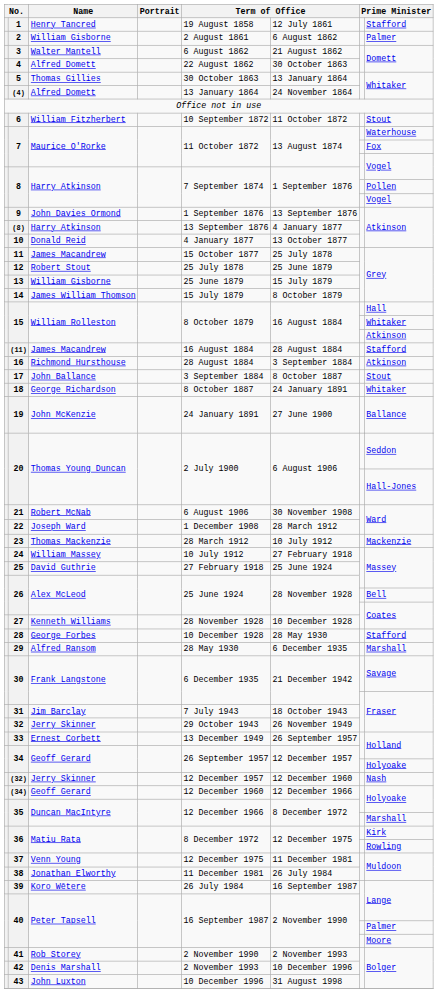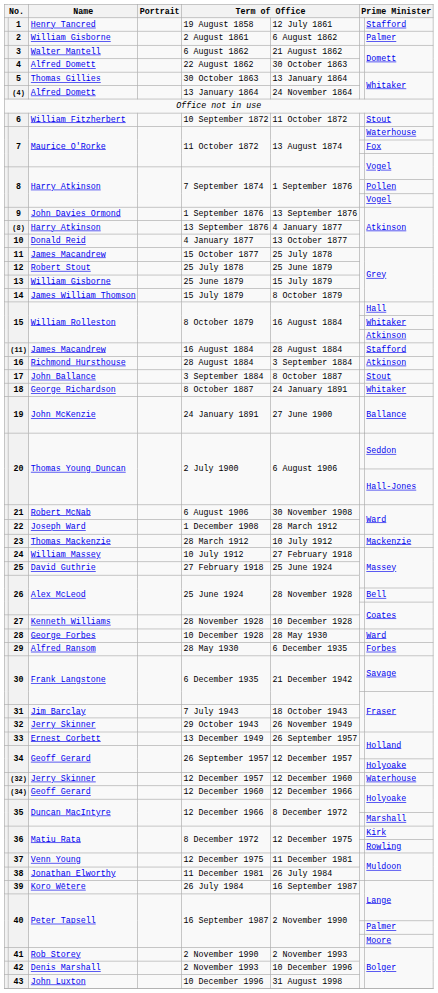 <table class="wikitable">
 <tr>
 <th colspan=2>No.</th>
 <th>Name</th>
 <th>Portrait</th>
 <th colspan=2>Term of Office</th>
 <th colspan=2>Prime Minister</th>
 </tr>
 <tr>
 <th style="color:inherit;background:"></th>
 <th>1</th>
 <td><a href='#'>Henry Tancred</a></td>
 <td></td>
 <td>19 August 1858</td>
 <td>12 July 1861</td>
 <td style="color:inherit;background:"></td>
 <td><a href='#'>Stafford</a></td>
 </tr>
 <tr>
 <th style="color:inherit;background:"></th>
 <th>2</th>
 <td><a href='#'>William Gisborne</a></td>
 <td></td>
 <td>2 August 1861</td>
 <td>6 August 1862</td>
 <td style="color:inherit;background:"></td>
 <td><a href='#'>Palmer</a></td>
 </tr>
 <tr>
 <th style="color:inherit;background:"></th>
 <th>3</th>
 <td><a href='#'>Walter Mantell</a></td>
 <td></td>
 <td>6 August 1862</td>
 <td>21 August 1862</td>
 <td rowspan=2 style="color:inherit;background:"></td>
 <td rowspan=2><a href='#'>Domett</a></td>
 </tr>
 <tr>
 <th style="color:inherit;background:"></th>
 <th>4</th>
 <td><a href='#'>Alfred Domett</a></td>
 <td></td>
 <td>22 August 1862</td>
 <td>30 October 1863</td>
 </tr>
 <tr>
 <th style="color:inherit;background:"></th>
 <th>5</th>
 <td><a href='#'>Thomas Gillies</a></td>
 <td></td>
 <td>30 October 1863</td>
 <td>13 January 1864</td>
 <td rowspan=2 style="color:inherit;background:"></td>
 <td rowspan=2><a href='#'>Whitaker</a></td>
 </tr>
 <tr>
 <th style="color:inherit;background:"></th>
 <th><small>(4)</small></th>
 <td><a href='#'>Alfred Domett</a></td>
 <td></td>
 <td>13 January 1864</td>
 <td>24 November 1864</td>
 </tr>
 <tr>
 <td colspan="8" style="text-align:center;"><em>Office not in use</em></td>
 </tr>
 <tr>
 <th style="color:inherit;background:"></th>
 <th>6</th>
 <td><a href='#'>William Fitzherbert</a></td>
 <td></td>
 <td>10 September 1872</td>
 <td>11 October 1872</td>
 <td style="color:inherit;background:"></td>
 <td><a href='#'>Stout</a></td>
 </tr>
 <tr>
 <th rowspan=2 height=15 style="border-bottom:solid 0 grey; background:"></th>
 <th rowspan=3>7</th>
 <td rowspan=3><a href='#'>Maurice O'Rorke</a></td>
 <td rowspan=3></td>
 <td rowspan=3>11 October 1872</td>
 <td rowspan=3>13 August 1874</td>
 <td style="color:inherit;background:"></td>
 <td><a href='#'>Waterhouse</a></td>
 </tr>
 <tr>
 <td style="color:inherit;background:"></td>
 <td><a href='#'>Fox</a></td>
 </tr>
 <tr>
 <th height=15 style="border-top:solid 0 grey; background:"></th>
 <td rowspan=2 style="border-bottom:solid 0 grey; background:"></td>
 <td rowspan=2><a href='#'>Vogel</a></td>
 </tr>
 <tr>
 <th height=15 style="border-bottom:solid 0 grey; background:"></th>
 <th rowspan=3>8</th>
 <td rowspan=3><a href='#'>Harry Atkinson</a></td>
 <td rowspan=3></td>
 <td rowspan=3>7 September 1874</td>
 <td rowspan=3>1 September 1876</td>
 </tr>
 <tr>
 <th rowspan=2 style="border-top:solid 0 grey; background:"></th>
 <td style="color:inherit;background:"></td>
 <td><a href='#'>Pollen</a></td>
 </tr>
 <tr>
 <td style="color:inherit;background:"></td>
 <td><a href='#'>Vogel</a></td>
 </tr>
 <tr>
 <th style="color:inherit;background:"></th>
 <th>9</th>
 <td><a href='#'>John Davies Ormond</a></td>
 <td></td>
 <td>1 September 1876</td>
 <td>13 September 1876</td>
 <td rowspan=3 style="color:inherit;background:"></td>
 <td rowspan=3><a href='#'>Atkinson</a></td>
 </tr>
 <tr>
 <th style="color:inherit;background:"></th>
 <th><small>(8)</small></th>
 <td><a href='#'>Harry Atkinson</a></td>
 <td></td>
 <td>13 September 1876</td>
 <td>4 January 1877</td>
 </tr>
 <tr>
 <th style="color:inherit;background:"></th>
 <th>10</th>
 <td><a href='#'>Donald Reid</a></td>
 <td></td>
 <td>4 January 1877</td>
 <td>13 October 1877</td>
 </tr>
 <tr>
 <th style="color:inherit;background:"></th>
 <th>11</th>
 <td><a href='#'>James Macandrew</a></td>
 <td></td>
 <td>15 October 1877</td>
 <td>25 July 1878</td>
 <td rowspan=4 style="color:inherit;background:"></td>
 <td rowspan=4><a href='#'>Grey</a></td>
 </tr>
 <tr>
 <th style="color:inherit;background:"></th>
 <th>12</th>
 <td><a href='#'>Robert Stout</a></td>
 <td></td>
 <td>25 July 1878</td>
 <td>25 June 1879</td>
 </tr>
 <tr>
 <th style="color:inherit;background:"></th>
 <th>13</th>
 <td><a href='#'>William Gisborne</a></td>
 <td></td>
 <td>25 June 1879</td>
 <td>15 July 1879</td>
 </tr>
 <tr>
 <th style="color:inherit;background:"></th>
 <th>14</th>
 <td><a href='#'>James William Thomson</a></td>
 <td></td>
 <td>15 July 1879</td>
 <td>8 October 1879</td>
 </tr>
 <tr>
 <th rowspan=3 style="border-bottom:solid 0 grey; background:"></th>
 <th rowspan=3>15</th>
 <td rowspan=3><a href='#'>William Rolleston</a></td>
 <td rowspan=3></td>
 <td rowspan=3>8 October 1879</td>
 <td rowspan=3>16 August 1884</td>
 <td style="color:inherit;background:"></td>
 <td><a href='#'>Hall</a></td>
 </tr>
 <tr>
 <td style="color:inherit;background:"></td>
 <td><a href='#'>Whitaker</a></td>
 </tr>
 <tr>
 <td style="color:inherit;background:"></td>
 <td><a href='#'>Atkinson</a></td>
 </tr>
 <tr>
 <th style="color:inherit;background:"></th>
 <th><small>(11)</small></th>
 <td><a href='#'>James Macandrew</a></td>
 <td></td>
 <td>16 August 1884</td>
 <td>28 August 1884</td>
 <td style="color:inherit;background:"></td>
 <td><a href='#'>Stafford</a></td>
 </tr>
 <tr>
 <th style="color:inherit;background:"></th>
 <th>16</th>
 <td><a href='#'>Richmond Hursthouse</a></td>
 <td></td>
 <td>28 August 1884</td>
 <td>3 September 1884</td>
 <td style="color:inherit;background:"></td>
 <td><a href='#'>Atkinson</a></td>
 </tr>
 <tr>
 <th style="color:inherit;background:"></th>
 <th>17</th>
 <td><a href='#'>John Ballance</a></td>
 <td></td>
 <td>3 September 1884</td>
 <td>8 October 1887</td>
 <td style="color:inherit;background:"></td>
 <td><a href='#'>Stout</a></td>
 </tr>
 <tr>
 <th style="color:inherit;background:"></th>
 <th>18</th>
 <td><a href='#'>George Richardson</a></td>
 <td></td>
 <td>8 October 1887</td>
 <td>24 January 1891</td>
 <td style="color:inherit;background:"></td>
 <td><a href='#'>Whitaker</a></td>
 </tr>
 <tr>
 <th rowspan=2 style="color:inherit;background:"></th>
 <th rowspan=2>19</th>
 <td rowspan=2><a href='#'>John McKenzie</a></td>
 <td rowspan=2></td>
 <td rowspan=2>24 January 1891</td>
 <td rowspan=2>27 June 1900</td>
 <td height=50 style="color:inherit;background:"></td>
 <td><a href='#'>Ballance</a></td>
 </tr>
 <tr>
 <td rowspan=2 height=50 style="color:inherit;background:"></td>
 <td rowspan=2><a href='#'>Seddon</a></td>
 </tr>
 <tr>
 <th rowspan=2 style="color:inherit;background:"></th>
 <th rowspan=2>20</th>
 <td rowspan=2><a href='#'>Thomas Young Duncan</a></td>
 <td rowspan=2></td>
 <td rowspan=2>2 July 1900</td>
 <td rowspan=2>6 August 1906</td>
 </tr>
 <tr>
 <td height=50 style="color:inherit;background:"></td>
 <td><a href='#'>Hall-Jones</a></td>
 </tr>
 <tr>
 <th style="color:inherit;background:"></th>
 <th>21</th>
 <td><a href='#'>Robert McNab</a></td>
 <td></td>
 <td>6 August 1906</td>
 <td>30 November 1908</td>
 <td rowspan=2 height=40 style="color:inherit;background:"></td>
 <td rowspan=2><a href='#'>Ward</a></td>
 </tr>
 <tr>
 <th style="color:inherit;background:"></th>
 <th>22</th>
 <td><a href='#'>Joseph Ward</a></td>
 <td></td>
 <td>1 December 1908</td>
 <td>28 March 1912</td>
 </tr>
 <tr>
 <th style="color:inherit;background:"></th>
 <th>23</th>
 <td><a href='#'>Thomas Mackenzie</a></td>
 <td></td>
 <td>28 March 1912</td>
 <td>10 July 1912</td>
 <td height=15 style="color:inherit;background:"></td>
 <td><a href='#'>Mackenzie</a></td>
 </tr>
 <tr>
 <th style="color:inherit;background:"></th>
 <th>24</th>
 <td><a href='#'>William Massey</a></td>
 <td></td>
 <td>10 July 1912</td>
 <td>27 February 1918</td>
 <td rowspan=2 style="border-bottom:solid 0 grey; background:"></td>
 <td rowspan=3><a href='#'>Massey</a></td>
 </tr>
 <tr>
 <th style="color:inherit;background:"></th>
 <th>25</th>
 <td><a href='#'>David Guthrie</a></td>
 <td></td>
 <td>27 February 1918</td>
 <td>25 June 1924</td>
 </tr>
 <tr>
 <th rowspan=3 style="color:inherit;background:"></th>
 <th rowspan=3>26</th>
 <td rowspan=3><a href='#'>Alex McLeod</a></td>
 <td rowspan=3></td>
 <td rowspan=3>25 June 1924</td>
 <td rowspan=3>28 November 1928</td>
 <td height=15 style="border-top:solid 0 grey; background:"></td>
 </tr>
 <tr>
 <td height=15 style="color:inherit;background:"></td>
 <td><a href='#'>Bell</a></td>
 </tr>
 <tr>
 <td height=15 style="border-bottom:solid 0 grey; background:"></td>
 <td rowspan=2><a href='#'>Coates</a></td>
 </tr>
 <tr>
 <th style="color:inherit;background:"></th>
 <th>27</th>
 <td><a href='#'>Kenneth Williams</a></td>
 <td></td>
 <td>28 November 1928</td>
 <td>10 December 1928</td>
 <td style="border-top:solid 0 grey; background:"></td>
 </tr>
 <tr>
 <th style="color:inherit;background:"></th>
 <th>28</th>
 <td><a href='#'>George Forbes</a></td>
 <td></td>
 <td>10 December 1928</td>
 <td>28 May 1930</td>
 <td style="color:inherit;background:"></td>
-<td><a href='#'>Stafford</a></td>
+<td><a href='#'>Ward</a></td>
 </tr>
 <tr>
 <th style="color:inherit;background:"></th>
 <th>29</th>
 <td><a href='#'>Alfred Ransom</a></td>
 <td></td>
 <td>28 May 1930</td>
 <td>6 December 1935</td>
 <td style="color:inherit;background:"></td>
-<td><a href='#'>Marshall</a></td>
+<td><a href='#'>Forbes</a></td>
 </tr>
 <tr>
 <th height=50 style="border-bottom:solid 0 grey; background:"></th>
 <th rowspan=2>30</th>
 <td rowspan=2><a href='#'>Frank Langstone</a></td>
 <td rowspan=2></td>
 <td rowspan=2>6 December 1935</td>
 <td rowspan=2>21 December 1942</td>
 <td style="color:inherit;background:"></td>
 <td><a href='#'>Savage</a></td>
 </tr>
 <tr>
 <th height=15 style="border-top:solid 0 grey; background:"></th>
 <td style="border-bottom:solid 0 grey; background:"></td>
 <td rowspan=3><a href='#'>Fraser</a></td>
 </tr>
 <tr>
 <th style="color:inherit;background:"></th>
 <th>31</th>
 <td><a href='#'>Jim Barclay</a></td>
 <td></td>
 <td>7 July 1943</td>
 <td>18 October 1943</td>
 <td rowspan=2 style="border-top:solid 0 grey; background:"></td>
 </tr>
 <tr>
 <th style="color:inherit;background:"></th>
 <th>32</th>
 <td><a href='#'>Jerry Skinner</a></td>
 <td></td>
 <td>29 October 1943</td>
 <td>26 November 1949</td>
 </tr>
 <tr>
 <th style="color:inherit;background:"></th>
 <th>33</th>
 <td><a href='#'>Ernest Corbett</a></td>
 <td></td>
 <td>13 December 1949</td>
 <td>26 September 1957</td>
 <td rowspan="2" style="color:inherit;background:"></td>
 <td rowspan="2"><a href='#'>Holland</a></td>
 </tr>
 <tr>
 <th height=15 style="border-bottom:solid 0 grey; background:"></th>
 <th rowspan="2">34</th>
 <td rowspan="2"><a href='#'>Geoff Gerard</a></td>
 <td rowspan="2"></td>
 <td rowspan="2">26 September 1957</td>
 <td rowspan="2">12 December 1957</td>
 </tr>
 <tr>
 <th height=15 style="border-top:solid 0 grey; background:"></th>
 <td style="color:inherit;background:"></td>
 <td><a href='#'>Holyoake</a></td>
 </tr>
 <tr>
 <th style="color:inherit;background:"></th>
 <th><small>(32)</small></th>
 <td><a href='#'>Jerry Skinner</a></td>
 <td></td>
 <td>12 December 1957</td>
 <td>12 December 1960</td>
 <td style="color:inherit;background:"></td>
-<td><a href='#'>Nash</a></td>
+<td><a href='#'>Waterhouse</a></td>
 </tr>
 <tr>
 <th style="color:inherit;background:"></th>
 <th><small>(34)</small></th>
 <td><a href='#'>Geoff Gerard</a></td>
 <td></td>
 <td>12 December 1960</td>
 <td>12 December 1966</td>
 <td rowspan=2 style="color:inherit;background:"></td>
 <td rowspan=2><a href='#'>Holyoake</a></td>
 </tr>
 <tr>
 <th height=15 style="border-bottom:solid 0 grey; background:"></th>
 <th rowspan=2>35</th>
 <td rowspan=2><a href='#'>Duncan MacIntyre</a></td>
 <td rowspan=2></td>
 <td rowspan=2>12 December 1966</td>
 <td rowspan=2>8 December 1972</td>
 </tr>
 <tr>
 <th height=15 style="border-top:solid 0 grey; background:"></th>
 <td style="color:inherit;background:"></td>
 <td><a href='#'>Marshall</a></td>
 </tr>
 <tr>
 <th rowspan=2 style="color:inherit;background:"></th>
 <th rowspan=2>36</th>
 <td rowspan=2><a href='#'>Matiu Rata</a></td>
 <td rowspan=2></td>
 <td rowspan=2>8 December 1972</td>
 <td rowspan=2>12 December 1975</td>
 <td style="color:inherit;background:"></td>
 <td><a href='#'>Kirk</a></td>
 </tr>
 <tr>
 <td style="color:inherit;background:"></td>
 <td><a href='#'>Rowling</a></td>
 </tr>
 <tr>
 <th style="color:inherit;background:"></th>
 <th>37</th>
 <td><a href='#'>Venn Young</a></td>
 <td></td>
 <td>12 December 1975</td>
 <td>11 December 1981</td>
 <td rowspan=2 style="color:inherit;background:"></td>
 <td rowspan=2><a href='#'>Muldoon</a></td>
 </tr>
 <tr>
 <th style="color:inherit;background:"></th>
 <th>38</th>
 <td><a href='#'>Jonathan Elworthy</a></td>
 <td></td>
 <td>11 December 1981</td>
 <td>26 July 1984</td>
 </tr>
 <tr>
 <th style="color:inherit;background:"></th>
 <th>39</th>
 <td><a href='#'>Koro Wētere</a></td>
 <td></td>
 <td>26 July 1984</td>
 <td>16 September 1987</td>
 <td style="border-bottom:solid 0 grey; background:"></td>
 <td rowspan=2><a href='#'>Lange</a></td>
 </tr>
 <tr>
 <th rowspan=3 style="color:inherit;background:"></th>
 <th rowspan=3>40</th>
 <td rowspan=3><a href='#'>Peter Tapsell</a></td>
 <td rowspan=3></td>
 <td rowspan=3>16 September 1987</td>
 <td rowspan=3>2 November 1990</td>
 <td height=36 style="border-top:solid 0 grey; background:"></td>
 </tr>
 <tr>
 <td style="color:inherit;background:"></td>
 <td><a href='#'>Palmer</a></td>
 </tr>
 <tr>
 <td style="color:inherit;background:"></td>
 <td><a href='#'>Moore</a></td>
 </tr>
 <tr>
 <th style="color:inherit;background:"></th>
 <th>41</th>
 <td><a href='#'>Rob Storey</a></td>
 <td></td>
 <td>2 November 1990</td>
 <td>2 November 1993</td>
 <td rowspan=3 style="color:inherit;background:"></td>
 <td rowspan=3><a href='#'>Bolger</a></td>
 </tr>
 <tr>
 <th style="color:inherit;background:"></th>
 <th>42</th>
 <td><a href='#'>Denis Marshall</a></td>
 <td></td>
 <td>2 November 1993</td>
 <td>10 December 1996</td>
 </tr>
 <tr>
 <th style="color:inherit;background:"></th>
 <th>43</th>
 <td><a href='#'>John Luxton</a></td>
 <td></td>
 <td>10 December 1996</td>
 <td>31 August 1998</td>
 </tr>
 <tr>
 </tr>
 </table>
